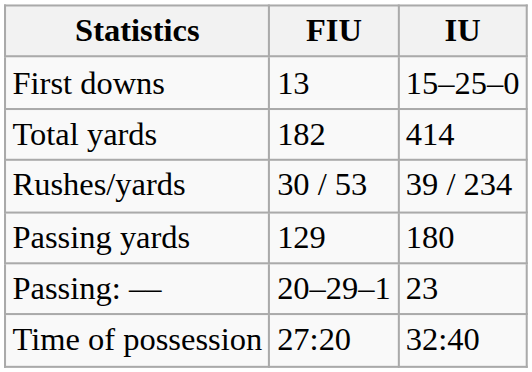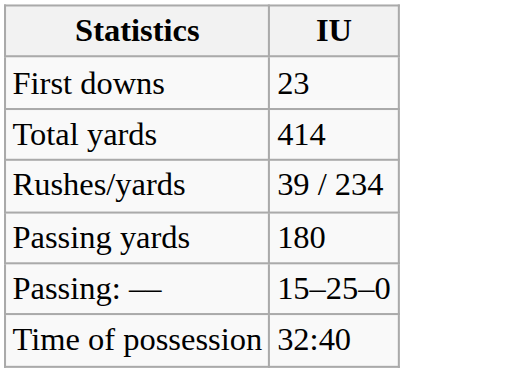 <table class="wikitable" style="float:left">
 <tr>
 <th>Statistics</th>
-<th>FIU</th>
 <th>IU</th>
 </tr>
 <tr>
 <td>First downs</td>
-<td>13</td>
-<td>15–25–0</td>
+<td>23</td>
 </tr>
 <tr>
 <td>Total yards</td>
-<td>182</td>
 <td>414</td>
 </tr>
 <tr>
 <td>Rushes/yards</td>
-<td>30 / 53</td>
 <td>39 / 234</td>
 </tr>
 <tr>
 <td>Passing yards</td>
-<td>129</td>
 <td>180</td>
 </tr>
 <tr>
 <td>Passing: ––</td>
-<td>20–29–1</td>
-<td>23</td>
+<td>15–25–0</td>
 </tr>
 <tr>
 <td>Time of possession</td>
-<td>27:20</td>
 <td>32:40</td>
 </tr>
 </table>
